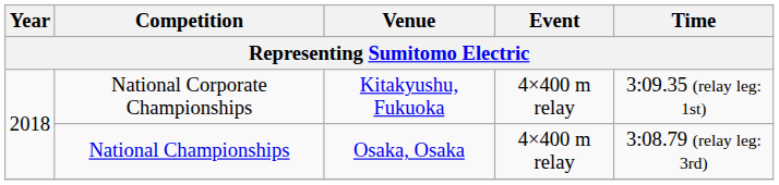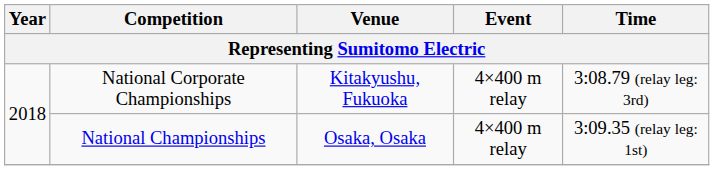 <table class="wikitable sortable" style=text-align:center>
 <tr>
 <th>Year</th>
 <th>Competition</th>
 <th>Venue</th>
 <th>Event</th>
 <th>Time</th>
 </tr>
 <tr>
 <th colspan="5">Representing <a href='#'>Sumitomo Electric</a></th>
 </tr>
 <tr>
 <td rowspan=2>2018</td>
 <td>National Corporate Championships</td>
 <td><a href='#'>Kitakyushu, Fukuoka</a></td>
 <td>4×400 m relay</td>
-<td>3:09.35 <small>(relay leg: 1st)</small></td>
+<td>3:08.79 <small>(relay leg: 3rd)</small></td>
 </tr>
 <tr>
 <td><a href='#'>National Championships</a></td>
 <td><a href='#'>Osaka, Osaka</a></td>
 <td>4×400 m relay</td>
-<td>3:08.79 <small>(relay leg: 3rd)</small></td>
+<td>3:09.35 <small>(relay leg: 1st)</small></td>
 </tr>
 <tr>
 </tr>
 </table>
